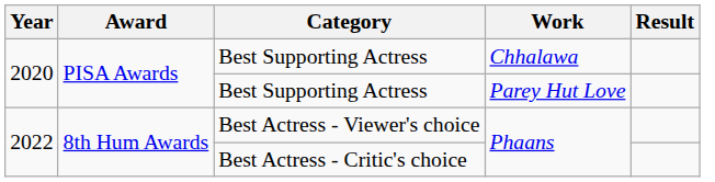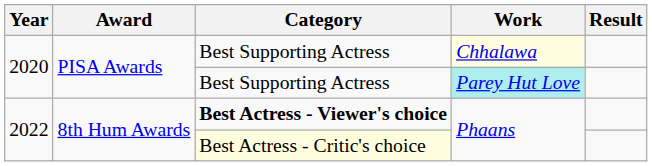 <table class="wikitable">
 <tr>
 <th>Year</th>
 <th>Award</th>
 <th>Category</th>
 <th>Work</th>
 <th>Result</th>
 </tr>
 <tr>
 <td rowspan="2">2020</td>
 <td rowspan="2"><a href='#'>PISA Awards</a></td>
 <td>Best Supporting Actress</td>
-<td><em><a href='#'>Chhalawa</a></em></td>
+<td style="background: lightyellow;"><em><a href='#'>Chhalawa</a></em></td>
 <td></td>
 </tr>
 <tr>
 <td>Best Supporting Actress</td>
-<td><em><a href='#'>Parey Hut Love</a></em></td>
+<td style="background: paleturquoise;"><em><a href='#'>Parey Hut Love</a></em></td>
 <td></td>
 </tr>
 <tr>
 <td rowspan="2">2022</td>
 <td rowspan="2"><a href='#'>8th Hum Awards</a></td>
-<td>Best Actress - Viewer's choice</td>
+<td><strong>Best Actress - Viewer's choice</strong></td>
 <td rowspan="2"><em><a href='#'>Phaans</a></em></td>
 <td></td>
 </tr>
 <tr>
-<td>Best Actress - Critic's choice</td>
+<td style="background: lightyellow;">Best Actress - Critic's choice</td>
 <td></td>
 </tr>
 </table>
